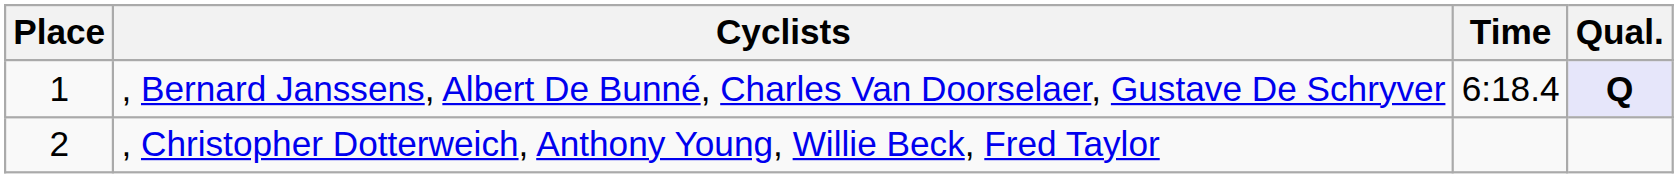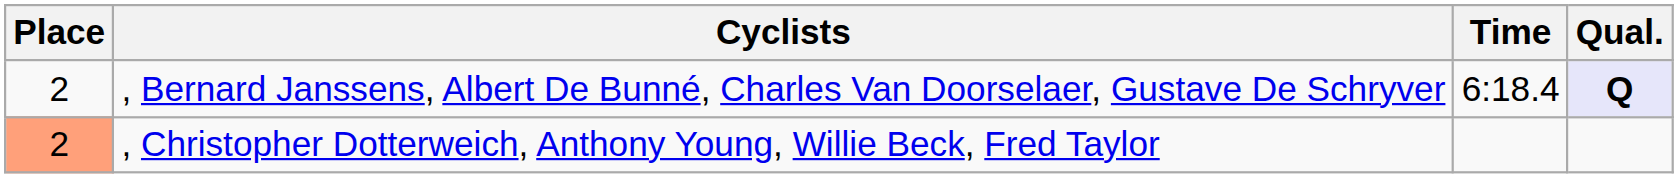 <table class=wikitable style="text-align:center">
 <tr>
 <th>Place</th>
 <th>Cyclists</th>
 <th>Time</th>
 <th>Qual.</th>
 </tr>
 <tr>
-<td>1</td>
+<td>2</td>
 <td align=left>, <a href='#'>Bernard Janssens</a>, <a href='#'>Albert De Bunné</a>, <a href='#'>Charles Van Doorselaer</a>, <a href='#'>Gustave De Schryver</a></td>
 <td>6:18.4</td>
 <td style="background: lavender;"><strong>Q</strong></td>
 </tr>
 <tr>
-<td>2</td>
+<td style="background: lightsalmon;">2</td>
 <td align=left>, <a href='#'>Christopher Dotterweich</a>, <a href='#'>Anthony Young</a>, <a href='#'>Willie Beck</a>, <a href='#'>Fred Taylor</a></td>
 <td></td>
 <td></td>
 </tr>
 </table>
